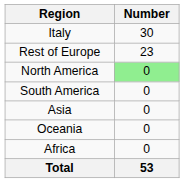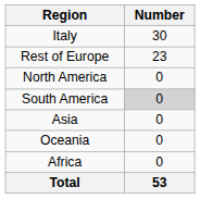 <table class="wikitable sortable" style="width:230px; float:right; margin:0 1em;">
 <tr>
 <th scope="col">Region</th>
 <th scope="col">Number</th>
 </tr>
 <tr>
 <td style="text-align:center" scope="row">Italy</td>
 <td style="text-align:center">30</td>
 </tr>
 <tr>
 <td style="text-align:center" scope="row" data-sort-value="Europe, Rest of">Rest of Europe</td>
 <td style="text-align:center">23</td>
 </tr>
 <tr>
 <td style="text-align:center" scope="row" data-sort-value="America, North">North America</td>
-<td style="background: lightgreen; text-align:center">0</td>
+<td style="text-align:center">0</td>
 </tr>
 <tr>
 <td style="text-align:center" scope="row" data-sort-value="America, South">South America</td>
-<td style="text-align:center">0</td>
+<td style="background: lightgrey; text-align:center">0</td>
 </tr>
 <tr>
 <td style="text-align:center" scope="row">Asia</td>
 <td style="text-align:center">0</td>
 </tr>
 <tr>
 <td style="text-align:center" scope="row">Oceania</td>
 <td style="text-align:center">0</td>
 </tr>
 <tr>
 <td style="text-align:center" scope="row">Africa</td>
 <td style="text-align:center">0</td>
 </tr>
 <tr>
 <th scope="row">Total</th>
 <th>53</th>
 </tr>
 </table>
